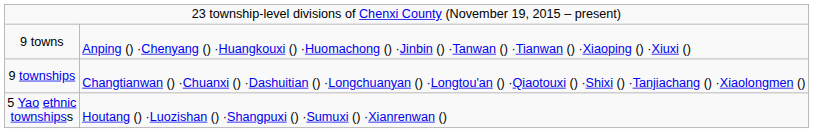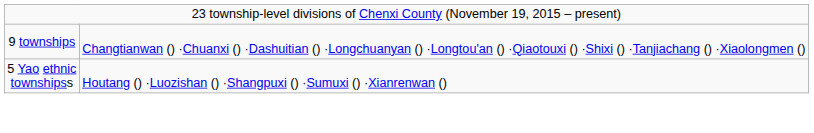 <table class="wikitable">
 <tr>
 <td style="text-align:center;" colspan="2">23 township-level divisions of <a href='#'>Chenxi County</a> (November 19, 2015 – present)</td>
-</tr>
-<tr align=left>
-<td align=center>9 towns</td>
-<td><br><a href='#'>Anping</a> () ·<a href='#'>Chenyang</a> () ·<a href='#'>Huangkouxi</a> () ·<a href='#'>Huomachong</a> () ·<a href='#'>Jinbin</a> () ·<a href='#'>Tanwan</a> () ·<a href='#'>Tianwan</a> () ·<a href='#'>Xiaoping</a> () ·<a href='#'>Xiuxi</a> ()</td>
 </tr>
 <tr align=left>
 <td align=center>9 <a href='#'>townships</a></td>
 <td><br><a href='#'>Changtianwan</a> () ·<a href='#'>Chuanxi</a> () ·<a href='#'>Dashuitian</a> () ·<a href='#'>Longchuanyan</a> () ·<a href='#'>Longtou'an</a> () ·<a href='#'>Qiaotouxi</a> () ·<a href='#'>Shixi</a> () ·<a href='#'>Tanjiachang</a> () ·<a href='#'>Xiaolongmen</a> ()</td>
 </tr>
 <tr align=left>
 <td align=center>5 <a href='#'>Yao</a> <a href='#'>ethnic <br>townships</a>s</td>
 <td><br><a href='#'>Houtang</a> () ·<a href='#'>Luozishan</a> () ·<a href='#'>Shangpuxi</a> () ·<a href='#'>Sumuxi</a> () ·<a href='#'>Xianrenwan</a> ()</td>
 </tr>
 </table>
